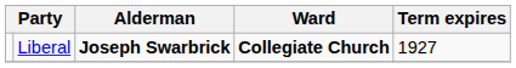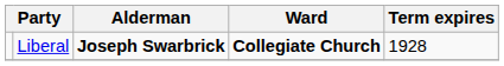 <table class="wikitable">
 <tr>
 <th colspan="2">Party</th>
 <th>Alderman</th>
 <th>Ward</th>
 <th>Term expires</th>
 </tr>
 <tr>
 <td style="background-color:"></td>
 <td><a href='#'>Liberal</a></td>
 <td><strong>Joseph Swarbrick</strong></td>
 <td><strong>Collegiate Church</strong></td>
-<td>1927</td>
+<td>1928</td>
 </tr>
 <tr>
 </tr>
 </table>
